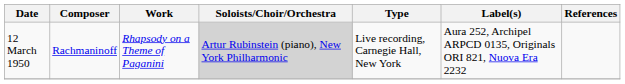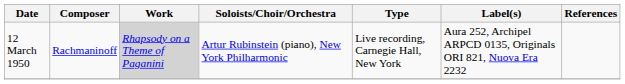 <table class="wikitable">
 <tr>
 <th>Date</th>
 <th>Composer</th>
 <th>Work</th>
 <th>Soloists/Choir/Orchestra</th>
 <th>Type</th>
 <th>Label(s)</th>
 <th>References</th>
 </tr>
 <tr>
 <td>12 March 1950</td>
 <td><a href='#'>Rachmaninoff</a></td>
-<td><em><a href='#'>Rhapsody on a Theme of Paganini</a></em></td>
-<td style="background: lightgrey;"><a href='#'>Artur Rubinstein</a> (piano), <a href='#'>New York Philharmonic</a></td>
+<td style="background: lightgrey;"><em><a href='#'>Rhapsody on a Theme of Paganini</a></em></td>
+<td><a href='#'>Artur Rubinstein</a> (piano), <a href='#'>New York Philharmonic</a></td>
 <td>Live recording, Carnegie Hall, New York</td>
 <td>Aura 252, Archipel ARPCD 0135, Originals ORI 821, <a href='#'>Nuova Era</a> 2232</td>
 <td></td>
 </tr>
 <tr>
 </tr>
 </table>
